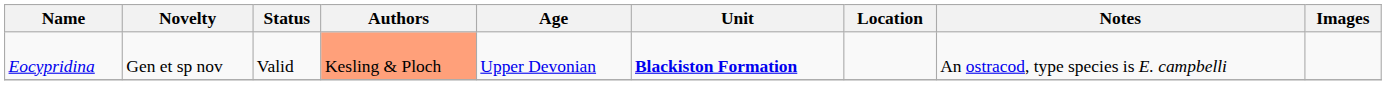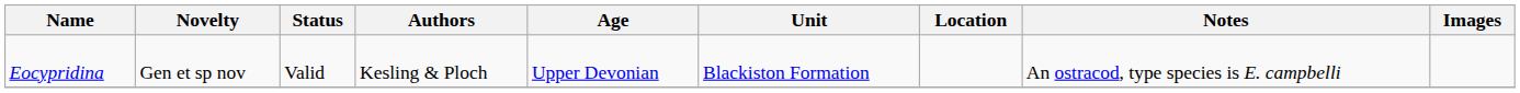 <table class="wikitable sortable" align="center" width="100%">
 <tr>
 <th>Name</th>
 <th>Novelty</th>
 <th>Status</th>
 <th>Authors</th>
 <th>Age</th>
 <th>Unit</th>
 <th>Location</th>
 <th>Notes</th>
 <th>Images</th>
 </tr>
 <tr>
 <td><br><em><a href='#'>Eocypridina</a></em></td>
 <td><br>Gen et sp nov</td>
 <td><br>Valid</td>
-<td style="background: lightsalmon;"><br>Kesling & Ploch</td>
+<td><br>Kesling & Ploch</td>
 <td><br><a href='#'>Upper Devonian</a></td>
-<td><strong><br><a href='#'>Blackiston Formation</a></strong></td>
+<td><br><a href='#'>Blackiston Formation</a></td>
 <td><br><br></td>
 <td><br>An <a href='#'>ostracod</a>, type species is <em>E. campbelli</em></td>
 <td></td>
 </tr>
 <tr>
 </tr>
 </table>
